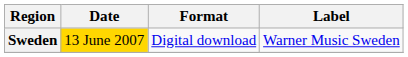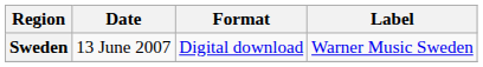 <table class="wikitable plainrowheaders">
 <tr>
 <th scope="col">Region</th>
 <th scope="col">Date</th>
 <th scope="col">Format</th>
 <th scope="col">Label</th>
 </tr>
 <tr>
 <th scope="row">Sweden</th>
-<td style="background: gold;">13 June 2007</td>
+<td>13 June 2007</td>
 <td><a href='#'>Digital download</a></td>
 <td><a href='#'>Warner Music Sweden</a></td>
 </tr>
 <tr>
 </tr>
 </table>
